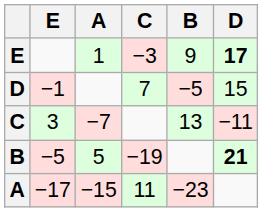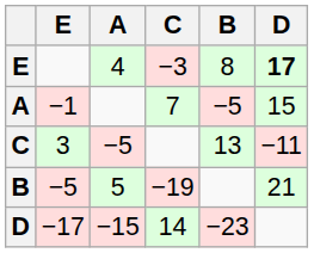 <table class="wikitable" style="text-align:center">
 <tr>
 <th></th>
 <th>E</th>
 <th>A</th>
 <th>C</th>
 <th>B</th>
 <th>D</th>
 </tr>
 <tr>
 <th>E</th>
 <td></td>
-<td style="background:#dfd;">1</td>
+<td style="background:#dfd;">4</td>
 <td style="background:#fdd;">−3</td>
-<td style="background:#dfd;">9</td>
+<td style="background:#dfd;">8</td>
 <td style="background:#dfd;"><strong>17</strong></td>
 </tr>
 <tr>
-<th>D</th>
+<th>A</th>
 <td style="background:#fdd;">−1</td>
 <td></td>
 <td style="background:#dfd;">7</td>
 <td style="background:#fdd;">−5</td>
 <td style="background:#dfd;">15</td>
 </tr>
 <tr>
 <th>C</th>
 <td style="background:#dfd;">3</td>
-<td style="background:#fdd;">−7</td>
+<td style="background:#fdd;">−5</td>
 <td></td>
 <td style="background:#dfd;">13</td>
 <td style="background:#fdd;">−11</td>
 </tr>
 <tr>
 <th>B</th>
 <td style="background:#fdd;">−5</td>
 <td style="background:#dfd;">5</td>
 <td style="background:#fdd;">−19</td>
 <td></td>
-<td style="background:#dfd;"><strong>21</strong></td>
+<td style="background:#dfd;">21</td>
 </tr>
 <tr>
-<th>A</th>
+<th>D</th>
 <td style="background:#fdd;">−17</td>
 <td style="background:#fdd;">−15</td>
-<td style="background:#dfd;">11</td>
+<td style="background:#dfd;">14</td>
 <td style="background:#fdd;">−23</td>
 <td></td>
 </tr>
 </table>
